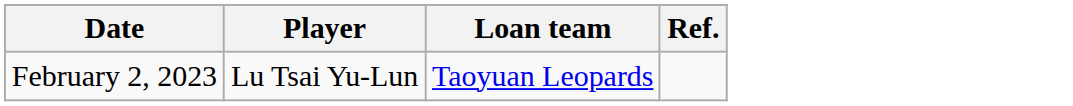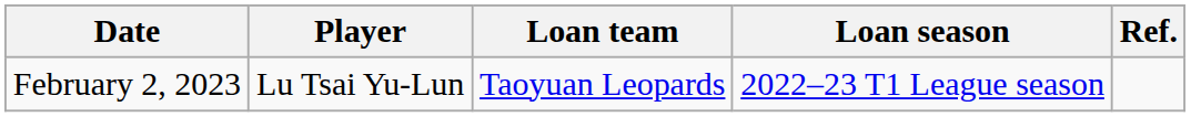 <table class="wikitable">
 <tr>
 <th>Date</th>
 <th>Player</th>
 <th>Loan team</th>
+<th>Loan season</th>
 <th>Ref.</th>
 </tr>
 <tr>
 <td>February 2, 2023</td>
 <td>Lu Tsai Yu-Lun</td>
 <td><a href='#'>Taoyuan Leopards</a></td>
+<td><a href='#'>2022–23 T1 League season</a></td>
 <td></td>
 </tr>
 </table>
